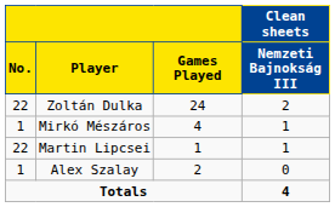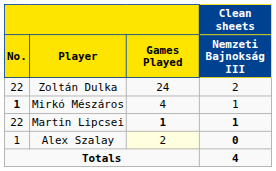 <table class="wikitable sortable alternance" style="text-align:center">
 <tr>
 <th colspan="3" style="background:#FDE500;border:1px solid #004292"></th>
 <th colspan="4" style="background:#004292;color:white;border:1px solid #FDE500">Clean sheets</th>
 </tr>
 <tr>
 <th style="background-color:#FDE500;color:black;border:1px solid #004292">No.</th>
 <th style="background-color:#FDE500;color:black;border:1px solid #004292">Player</th>
 <th width=80 style="background-color:#FDE500;color:black;border:1px solid #004292">Games Played</th>
 <th width=80 style="background-color:#004292;color:white;border:1px solid #FDE500">Nemzeti Bajnokság III</th>
 </tr>
 <tr>
 <td>22</td>
 <td> Zoltán Dulka</td>
 <td>24</td>
 <td>2</td>
 </tr>
 <tr>
-<td>1</td>
+<td><strong>1</strong></td>
 <td> Mirkó Mészáros</td>
 <td>4</td>
 <td>1</td>
 </tr>
 <tr>
 <td>22</td>
 <td> Martin Lipcsei</td>
-<td>1</td>
-<td>1</td>
+<td><strong>1</strong></td>
+<td><strong>1</strong></td>
 </tr>
 <tr>
 <td>1</td>
 <td> Alex Szalay</td>
-<td>2</td>
-<td>0</td>
+<td style="background: lightyellow;">2</td>
+<td><strong>0</strong></td>
 </tr>
 <tr class="sortbottom">
 <td colspan="3"><strong>Totals</strong></td>
 <td><strong>4</strong></td>
 </tr>
 </table>
